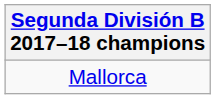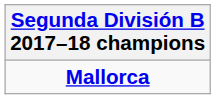 <table class="wikitable" style="text-align: center; margin: 0 auto;">
 <tr>
 <th><a href='#'>Segunda División B</a><br>2017–18 champions</th>
 </tr>
 <tr>
-<td><a href='#'>Mallorca</a></td>
+<td><strong><a href='#'>Mallorca</a></strong></td>
 </tr>
 </table>
